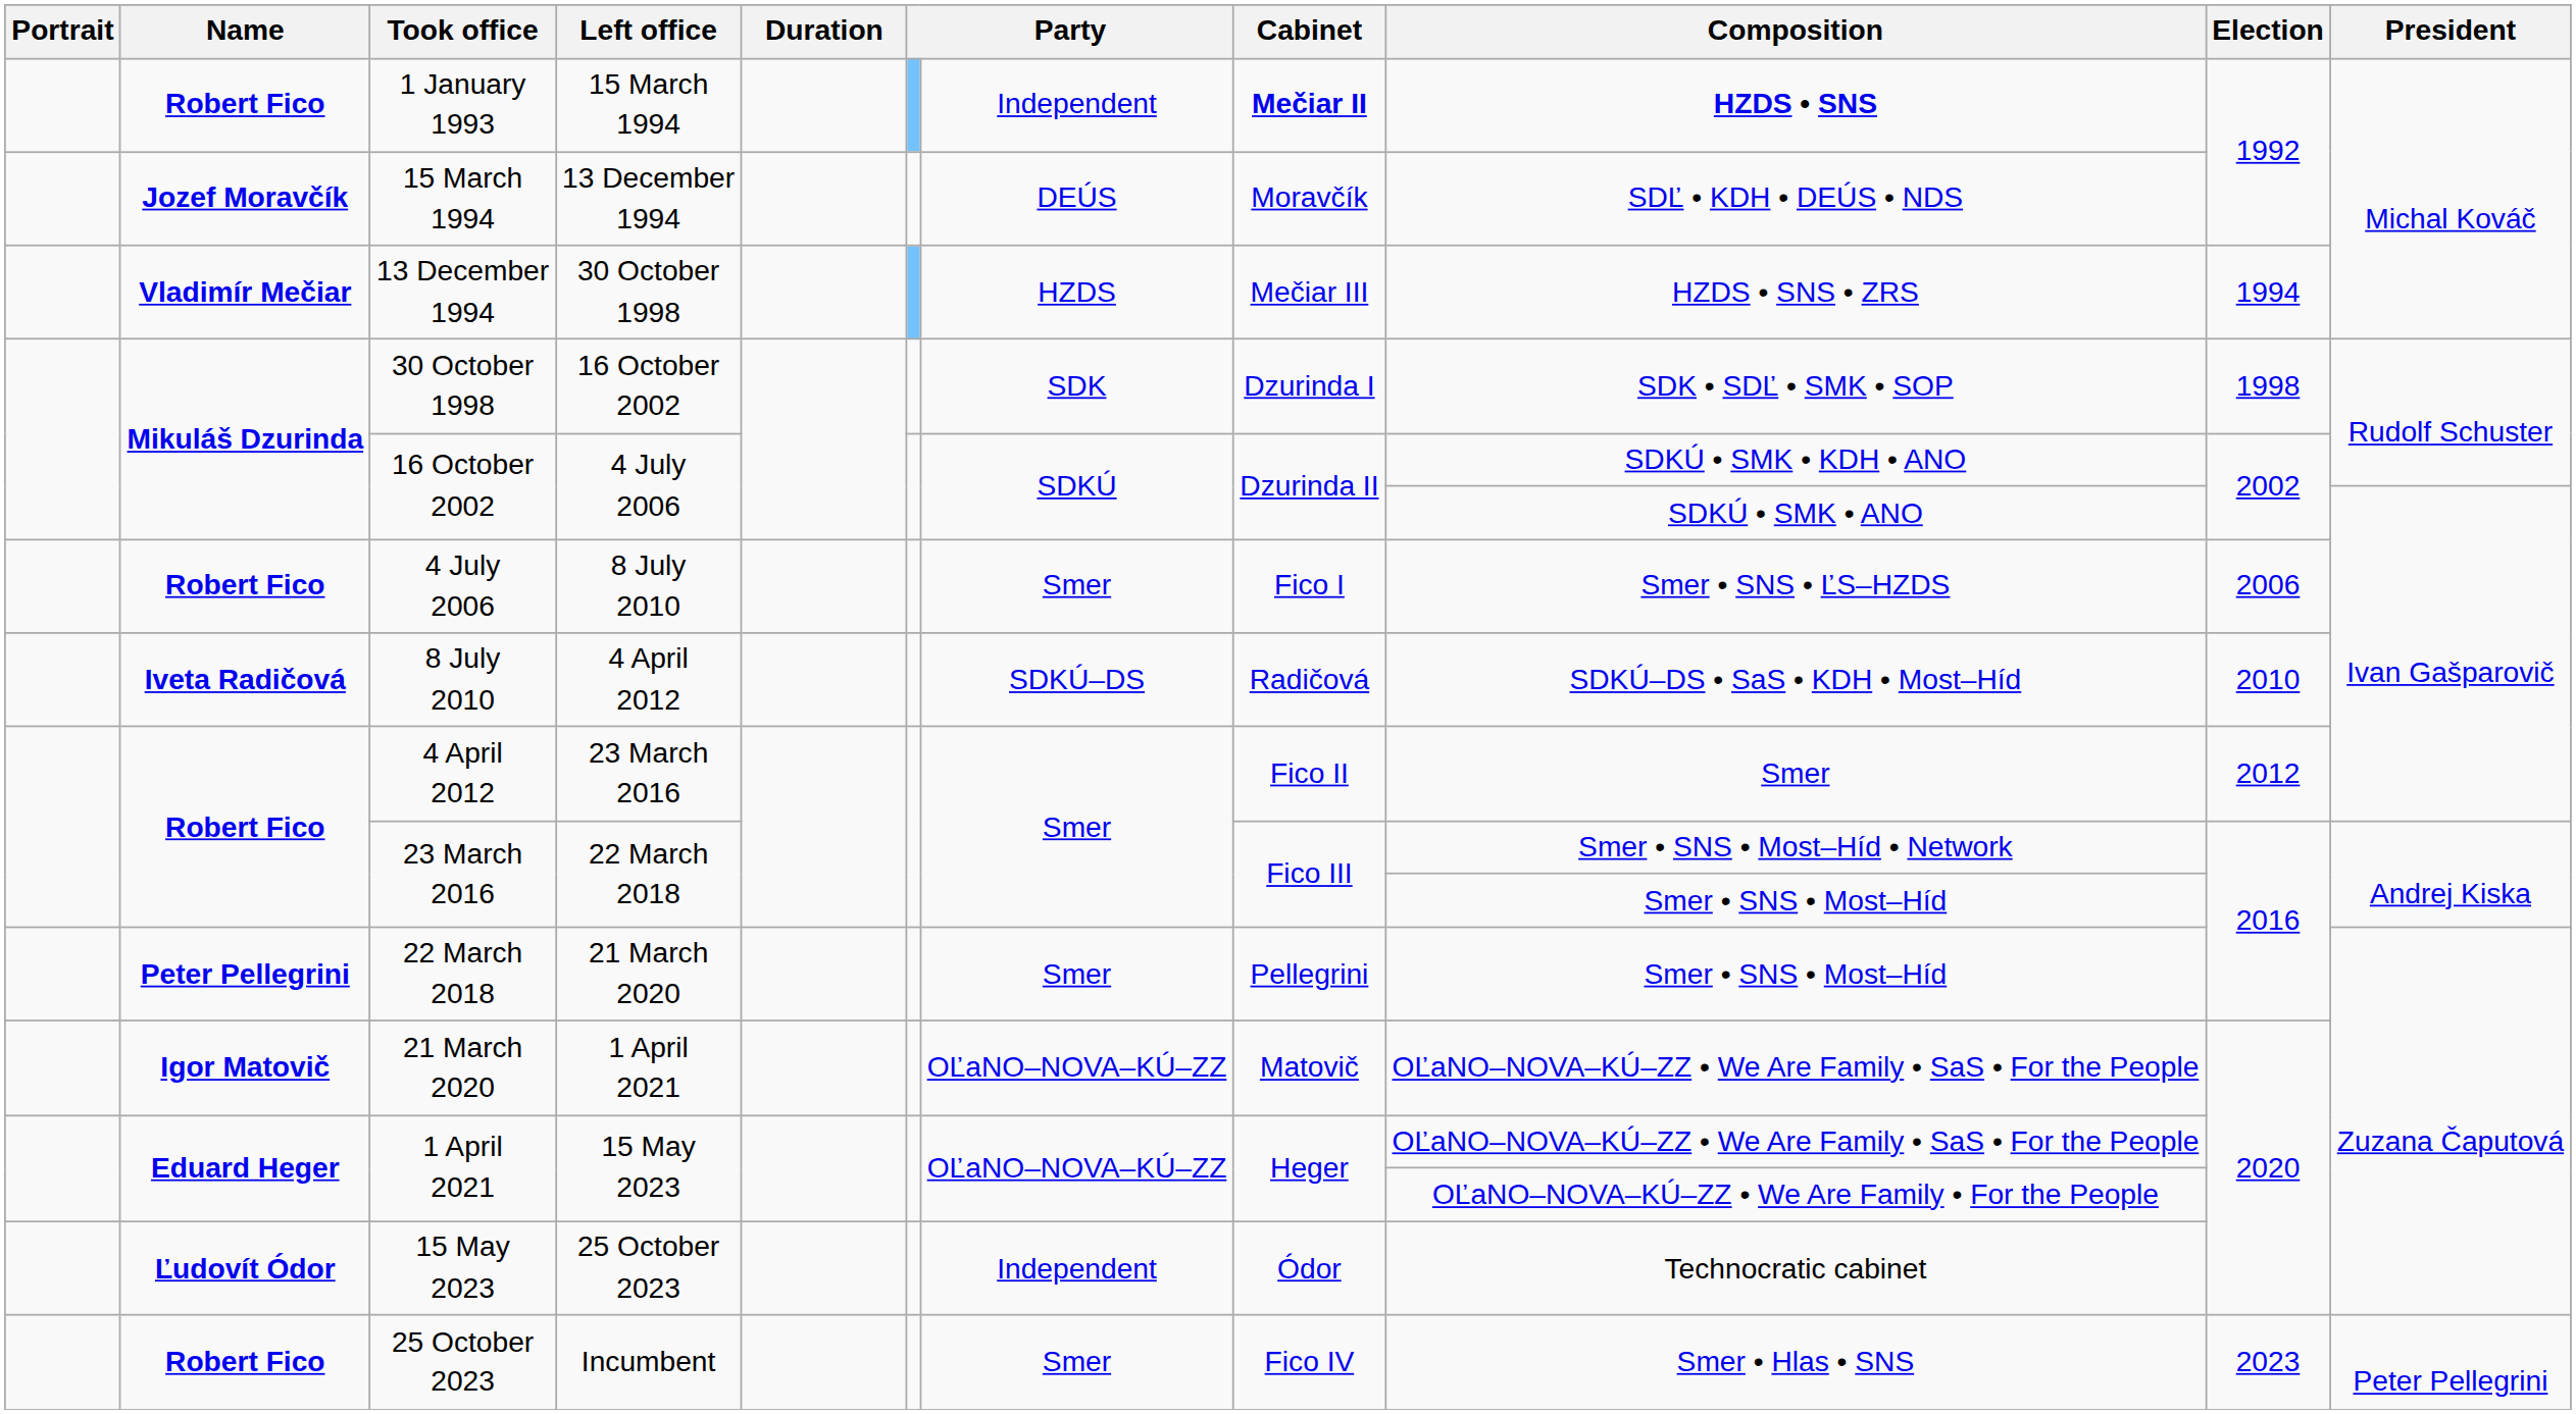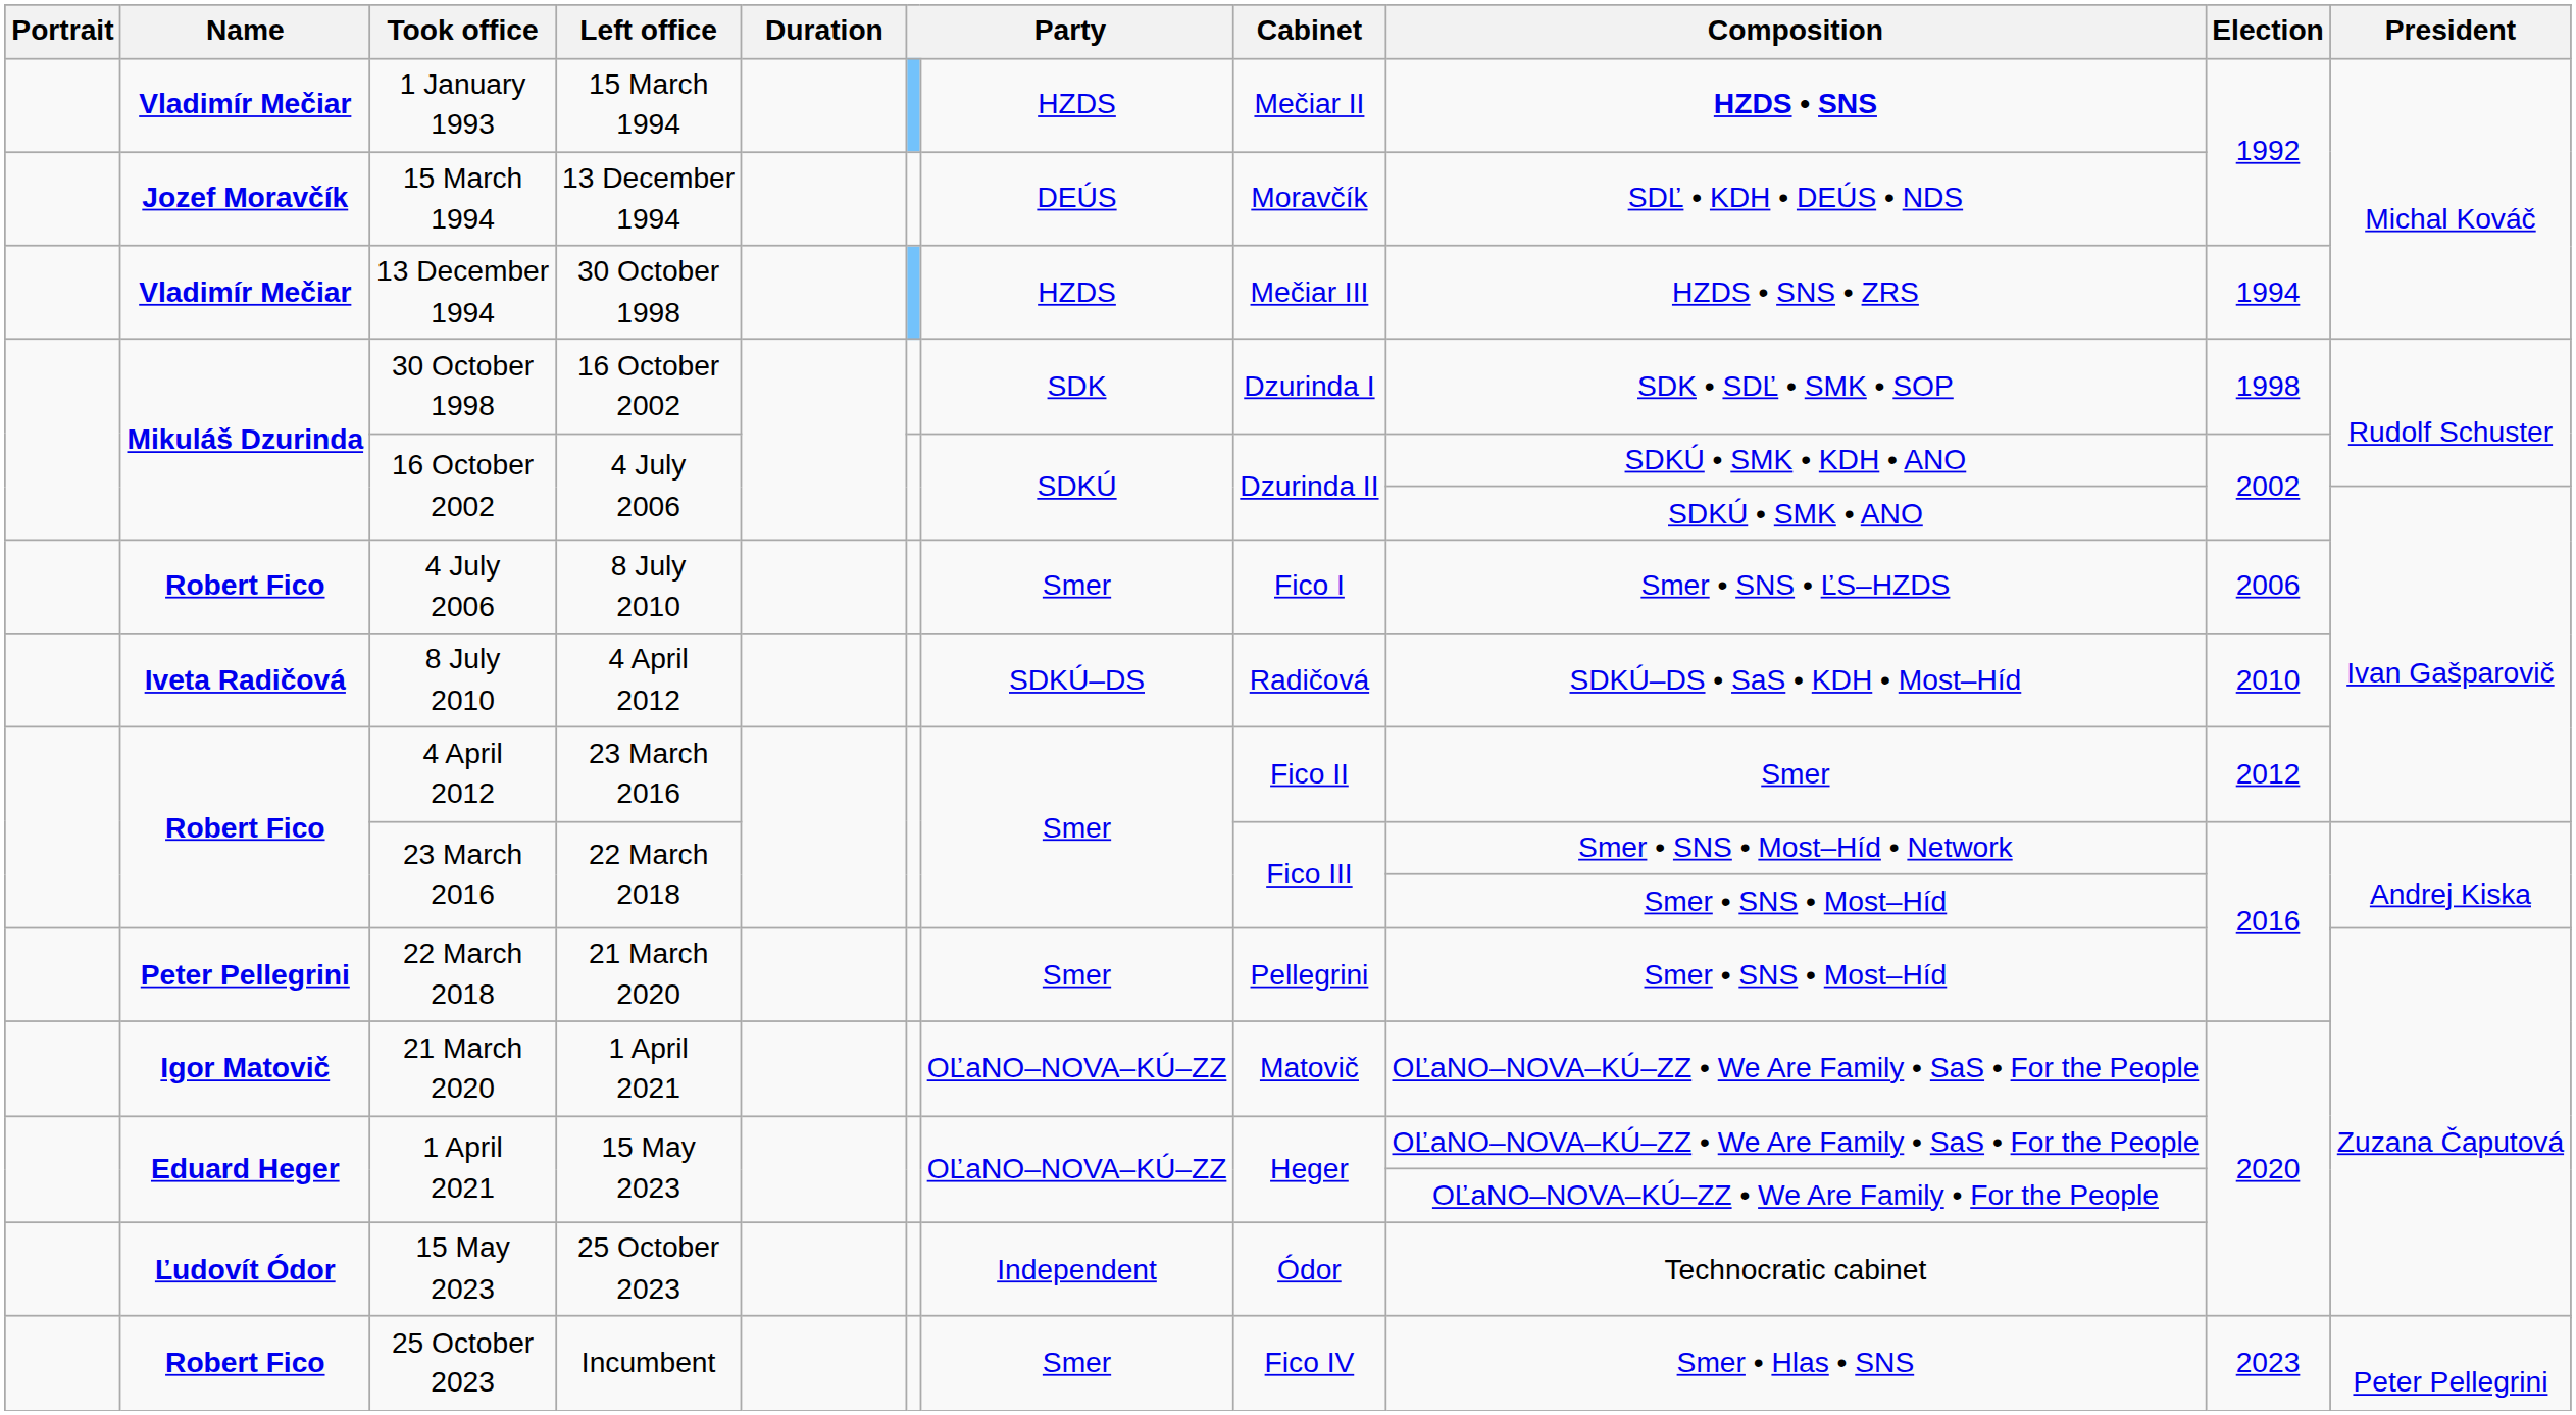 <table class="wikitable" style="line-height:1.4em; text-align:center; border:1px #aaf solid">
 <tr>
 <th>Portrait</th>
 <th>Name<br></th>
 <th>Took office</th>
 <th>Left office</th>
 <th width="85">Duration</th>
 <th colspan="2">Party</th>
 <th>Cabinet</th>
 <th>Composition</th>
 <th>Election</th>
 <th>President</th>
 </tr>
 <tr>
 <td></td>
-<td><strong><a href='#'>Robert Fico</a></strong><br></td>
+<td><strong><a href='#'>Vladimír Mečiar</a></strong><br></td>
 <td>1 January<br>1993</td>
 <td>15 March<br>1994</td>
 <td></td>
 <td style="background:#73C2FB;"></td>
-<td><a href='#'>Independent</a></td>
-<td><strong><a href='#'>Mečiar II</a></strong></td>
+<td><a href='#'>HZDS</a></td>
+<td><a href='#'>Mečiar II</a></td>
 <td><strong><a href='#'>HZDS</a> • <a href='#'>SNS</a></strong></td>
 <td rowspan="2"><a href='#'>1992</a></td>
 <td rowspan="3"><br><a href='#'>Michal Kováč</a><br></td>
 </tr>
 <tr>
 <td></td>
 <td><strong><a href='#'>Jozef Moravčík</a></strong><br></td>
 <td>15 March<br>1994</td>
 <td>13 December<br>1994</td>
 <td></td>
 <td style="background:"></td>
 <td><a href='#'>DEÚS</a></td>
 <td><a href='#'>Moravčík</a></td>
 <td><a href='#'>SDĽ</a> • <a href='#'>KDH</a> • <a href='#'>DEÚS</a> • <a href='#'>NDS</a></td>
 </tr>
 <tr>
 <td></td>
 <td><strong><a href='#'>Vladimír Mečiar</a></strong><br></td>
 <td>13 December<br>1994</td>
 <td>30 October<br>1998</td>
 <td></td>
 <td style="background:#73C2FB;"></td>
 <td><a href='#'>HZDS</a></td>
 <td><a href='#'>Mečiar III</a></td>
 <td><a href='#'>HZDS</a> • <a href='#'>SNS</a> • <a href='#'>ZRS</a></td>
 <td><a href='#'>1994</a></td>
 </tr>
 <tr>
 <td rowspan="3"></td>
 <td rowspan="3"><strong><a href='#'>Mikuláš Dzurinda</a></strong><br></td>
 <td>30 October<br>1998</td>
 <td>16 October<br>2002</td>
 <td rowspan="3"></td>
 <td style="background:"></td>
 <td><a href='#'>SDK</a></td>
 <td><a href='#'>Dzurinda I</a></td>
 <td><a href='#'>SDK</a> • <a href='#'>SDĽ</a> • <a href='#'>SMK</a> • <a href='#'>SOP</a></td>
 <td><a href='#'>1998</a></td>
 <td rowspan="2"><br><a href='#'>Rudolf Schuster</a><br></td>
 </tr>
 <tr>
 <td rowspan="2">16 October<br>2002</td>
 <td rowspan="2">4 July<br>2006</td>
 <td rowspan="2" style="background:"></td>
 <td rowspan="2"><a href='#'>SDKÚ</a></td>
 <td rowspan="2"><a href='#'>Dzurinda II</a></td>
 <td><a href='#'>SDKÚ</a> • <a href='#'>SMK</a> • <a href='#'>KDH</a> • <a href='#'>ANO</a><br></td>
 <td rowspan="2"><a href='#'>2002</a></td>
 </tr>
 <tr>
 <td><a href='#'>SDKÚ</a> • <a href='#'>SMK</a> • <a href='#'>ANO</a><br></td>
 <td rowspan="4"><br><a href='#'>Ivan Gašparovič</a><br></td>
 </tr>
 <tr>
 <td></td>
 <td><strong><a href='#'>Robert Fico</a></strong><br></td>
 <td>4 July<br>2006</td>
 <td>8 July<br>2010</td>
 <td></td>
 <td style="background:"></td>
 <td><a href='#'>Smer</a></td>
 <td><a href='#'>Fico I</a></td>
 <td><a href='#'>Smer</a> • <a href='#'>SNS</a> • <a href='#'>ĽS–HZDS</a></td>
 <td><a href='#'>2006</a></td>
 </tr>
 <tr>
 <td></td>
 <td><strong><a href='#'>Iveta Radičová</a></strong><br></td>
 <td>8 July<br>2010</td>
 <td>4 April<br>2012</td>
 <td></td>
 <td style="background:"></td>
 <td><a href='#'>SDKÚ–DS</a></td>
 <td><a href='#'>Radičová</a></td>
 <td><a href='#'>SDKÚ–DS</a> • <a href='#'>SaS</a> • <a href='#'>KDH</a> • <a href='#'>Most–Híd</a></td>
 <td><a href='#'>2010</a></td>
 </tr>
 <tr>
 <td rowspan="3"></td>
 <td rowspan="3"><strong><a href='#'>Robert Fico</a></strong><br></td>
 <td>4 April<br>2012</td>
 <td>23 March<br>2016</td>
 <td rowspan="3"></td>
 <td rowspan="3" style="background:"></td>
 <td rowspan="3"><a href='#'>Smer</a></td>
 <td><a href='#'>Fico II</a></td>
 <td><a href='#'>Smer</a></td>
 <td><a href='#'>2012</a></td>
 </tr>
 <tr>
 <td rowspan="2">23 March<br>2016</td>
 <td rowspan="2">22 March<br>2018</td>
 <td rowspan="2"><a href='#'>Fico III</a></td>
 <td><a href='#'>Smer</a> • <a href='#'>SNS</a> • <a href='#'>Most–Híd</a> • <a href='#'>Network</a><br></td>
 <td rowspan="4"><a href='#'>2016</a></td>
 <td rowspan="3"><br><a href='#'>Andrej Kiska</a><br></td>
 </tr>
 <tr>
 <td><a href='#'>Smer</a> • <a href='#'>SNS</a> • <a href='#'>Most–Híd</a><br></td>
 </tr>
 <tr>
 <td rowspan="2"></td>
 <td rowspan="2"><strong><a href='#'>Peter Pellegrini</a></strong><br></td>
 <td rowspan="2">22 March<br>2018</td>
 <td rowspan="2">21 March<br>2020</td>
 <td rowspan="2"></td>
 <td rowspan="2" style="background:"></td>
 <td rowspan="2"><a href='#'>Smer</a></td>
 <td rowspan="2"><a href='#'>Pellegrini</a></td>
 <td rowspan="2"><a href='#'>Smer</a> • <a href='#'>SNS</a> • <a href='#'>Most–Híd</a></td>
 </tr>
 <tr>
 <td rowspan="6"><br><a href='#'>Zuzana Čaputová</a><br></td>
 </tr>
 <tr>
 <td></td>
 <td><strong><a href='#'>Igor Matovič</a></strong><br></td>
 <td>21 March<br>2020</td>
 <td>1 April<br>2021</td>
 <td></td>
 <td style="background:"></td>
 <td><a href='#'>OĽaNO–NOVA–KÚ–ZZ</a></td>
 <td><a href='#'>Matovič</a></td>
 <td><a href='#'>OĽaNO–NOVA–KÚ–ZZ</a> • <a href='#'>We Are Family</a> • <a href='#'>SaS</a> • <a href='#'>For the People</a></td>
 <td rowspan="4"><a href='#'>2020</a></td>
 </tr>
 <tr>
 <td rowspan="2"></td>
 <td rowspan="2"><strong><a href='#'>Eduard Heger</a></strong><br></td>
 <td rowspan="2">1 April<br>2021</td>
 <td rowspan="2">15 May<br>2023</td>
 <td rowspan="2"></td>
 <td rowspan="2" style="background:"></td>
 <td rowspan="2"><a href='#'>OĽaNO–NOVA–KÚ–ZZ</a></td>
 <td rowspan="2"><a href='#'>Heger</a></td>
 <td><a href='#'>OĽaNO–NOVA–KÚ–ZZ</a> • <a href='#'>We Are Family</a> • <a href='#'>SaS</a> • <a href='#'>For the People</a><br></td>
 </tr>
 <tr>
 <td><a href='#'>OĽaNO–NOVA–KÚ–ZZ</a> • <a href='#'>We Are Family</a> • <a href='#'>For the People</a><br></td>
 </tr>
 <tr>
 <td></td>
 <td><strong><a href='#'>Ľudovít Ódor</a></strong><br></td>
 <td>15 May<br>2023</td>
 <td>25 October<br>2023</td>
 <td></td>
 <td style="background:"></td>
 <td><a href='#'>Independent</a></td>
 <td><a href='#'>Ódor</a></td>
 <td>Technocratic cabinet</td>
 </tr>
 <tr>
 <td rowspan="2"></td>
 <td rowspan="2"><strong><a href='#'>Robert Fico</a></strong><br></td>
 <td rowspan="2">25 October<br>2023</td>
 <td rowspan="2">Incumbent</td>
 <td rowspan="2"></td>
 <td rowspan="2" style="background:"></td>
 <td rowspan="2"><a href='#'>Smer</a></td>
 <td rowspan="2"><a href='#'>Fico IV</a></td>
 <td rowspan="2"><a href='#'>Smer</a> • <a href='#'>Hlas</a> • <a href='#'>SNS</a></td>
 <td rowspan="2"><a href='#'>2023</a></td>
 </tr>
 <tr>
 <td><br><a href='#'>Peter Pellegrini</a><br></td>
 </tr>
 </table>
